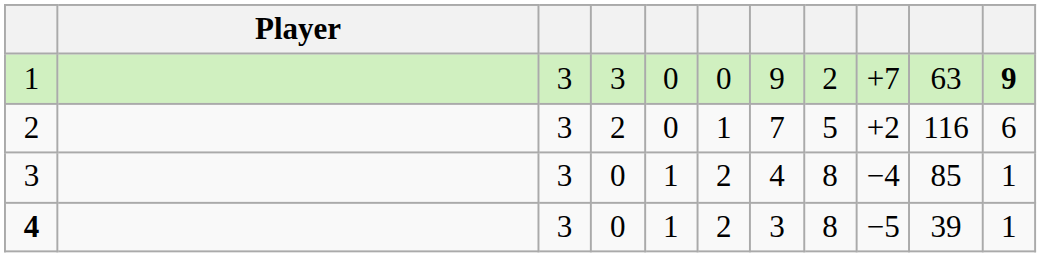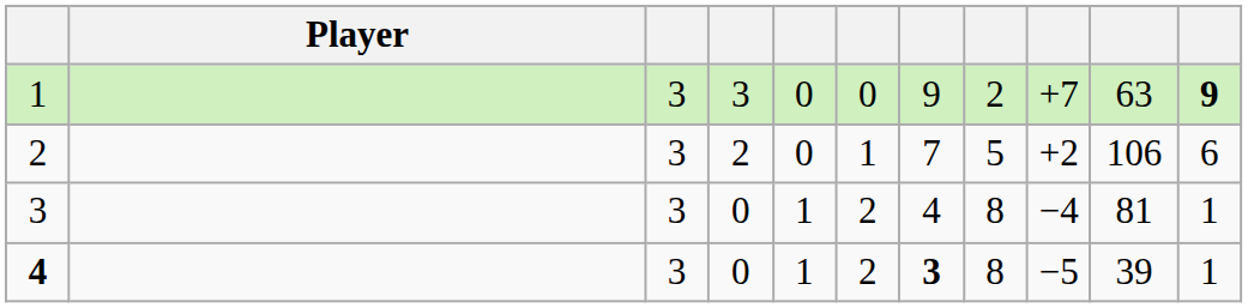 <table class="wikitable" style="text-align:center; margin: 1em auto 1em auto, align:left">
 <tr>
 <th width=20></th>
 <th width=240>Player</th>
 <th width=20></th>
 <th width=20></th>
 <th width=20></th>
 <th width=20></th>
 <th width=20></th>
 <th width=20></th>
 <th width=20></th>
 <th width=30></th>
 <th width=20></th>
 </tr>
 <tr style="background:#D0F0C0;">
 <td>1</td>
 <td align=left></td>
 <td>3</td>
 <td>3</td>
 <td>0</td>
 <td>0</td>
 <td>9</td>
 <td>2</td>
 <td>+7</td>
 <td>63</td>
 <td><strong>9</strong></td>
 </tr>
 <tr style=>
 <td>2</td>
 <td align=left></td>
 <td>3</td>
 <td>2</td>
 <td>0</td>
 <td>1</td>
 <td>7</td>
 <td>5</td>
 <td>+2</td>
-<td>116</td>
+<td>106</td>
 <td>6</td>
 </tr>
 <tr style=>
 <td>3</td>
 <td align=left></td>
 <td>3</td>
 <td>0</td>
 <td>1</td>
 <td>2</td>
 <td>4</td>
 <td>8</td>
 <td>−4</td>
-<td>85</td>
+<td>81</td>
 <td>1</td>
 </tr>
 <tr style=>
 <td><strong>4</strong></td>
 <td align=left></td>
 <td>3</td>
 <td>0</td>
 <td>1</td>
 <td>2</td>
-<td>3</td>
+<td><strong>3</strong></td>
 <td>8</td>
 <td>−5</td>
 <td>39</td>
 <td>1</td>
 </tr>
 </table>
